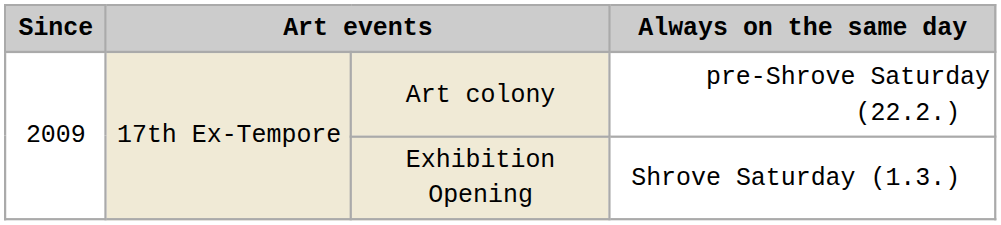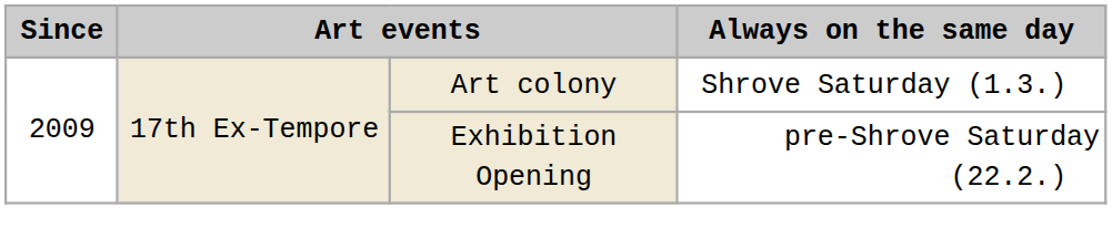 <table class="wikitable plainrowheaders" cellpadding="3" cellspacing="0" border="1" style="background:#fff; font-size:86%; line-height:16px; border:grey solid 1px; border-collapse:collapse;">
 <tr>
 <th scope="col" style="background:#ccc; width:40px;">Since</th>
 <th scope="col" style="background:#ccc; width:220px;" colspan=2>Art events</th>
 <th scope="col" style="background:#ccc; width:168px;">Always on the same day</th>
 </tr>
 <tr>
 <td align=center rowspan=2>2009</td>
 <td align=center bgcolor=#F0EAD6 rowspan=2>17th Ex-Tempore</td>
 <td align=center bgcolor=#F0EAD6 bgcolor=#F0EAD6 width=110>Art colony</td>
-<td align=right>pre-Shrove Saturday (22.2.)  </td>
+<td align=right>Shrove Saturday (1.3.)  </td>
 </tr>
 <tr>
 <td align=center bgcolor=#F0EAD6 width=110>Exhibition Opening</td>
-<td align=right>Shrove Saturday (1.3.)  </td>
+<td align=right>pre-Shrove Saturday (22.2.)  </td>
 </tr>
 </table>
